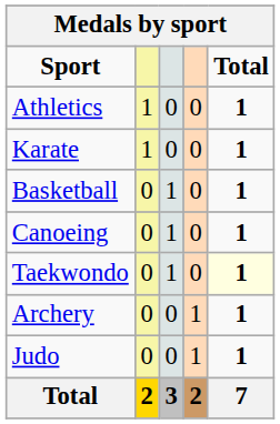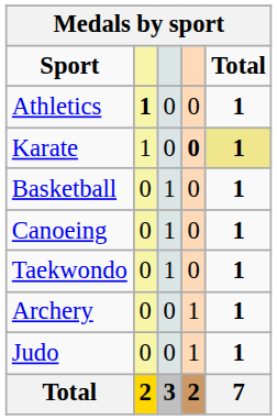 <table class="wikitable" style="text-align:center;font-size:85%;float:right;clear:right;">
 <tr style="background:#efefef;">
 <th colspan=5><strong>Medals by sport</strong></th>
 </tr>
 <tr>
 <td><strong>Sport</strong></td>
 <td bgcolor=#f7f6a8></td>
 <td bgcolor=#dce5e5></td>
 <td bgcolor=#ffdab9></td>
 <td><strong>Total</strong></td>
 </tr>
 <tr>
 <td align=left><a href='#'>Athletics</a></td>
-<td style="background:#F7F6A8;">1</td>
+<td style="background:#F7F6A8;"><strong>1</strong></td>
 <td style="background:#DCE5E5;">0</td>
 <td style="background:#FFDAB9;">0</td>
 <td><strong>1</strong></td>
 </tr>
 <tr>
 <td align=left><a href='#'>Karate</a></td>
 <td style="background:#F7F6A8;">1</td>
 <td style="background:#DCE5E5;">0</td>
-<td style="background:#FFDAB9;">0</td>
-<td><strong>1</strong></td>
+<td style="background:#FFDAB9;"><strong>0</strong></td>
+<td style="background: khaki;"><strong>1</strong></td>
 </tr>
 <tr>
 <td align=left><a href='#'>Basketball</a></td>
 <td style="background:#F7F6A8;">0</td>
 <td style="background:#DCE5E5;">1</td>
 <td style="background:#FFDAB9;">0</td>
 <td><strong>1</strong></td>
 </tr>
 <tr>
 <td align=left><a href='#'>Canoeing</a></td>
 <td style="background:#F7F6A8;">0</td>
 <td style="background:#DCE5E5;">1</td>
 <td style="background:#FFDAB9;">0</td>
 <td><strong>1</strong></td>
 </tr>
 <tr>
 <td align=left><a href='#'>Taekwondo</a></td>
 <td style="background:#F7F6A8;">0</td>
 <td style="background:#DCE5E5;">1</td>
 <td style="background:#FFDAB9;">0</td>
-<td style="background: lightyellow;"><strong>1</strong></td>
+<td><strong>1</strong></td>
 </tr>
 <tr>
 <td align=left><a href='#'>Archery</a></td>
 <td style="background:#F7F6A8;">0</td>
 <td style="background:#DCE5E5;">0</td>
 <td style="background:#FFDAB9;">1</td>
 <td><strong>1</strong></td>
 </tr>
 <tr>
 <td align=left><a href='#'>Judo</a></td>
 <td style="background:#F7F6A8;">0</td>
 <td style="background:#DCE5E5;">0</td>
 <td style="background:#FFDAB9;">1</td>
 <td><strong>1</strong></td>
 </tr>
 <tr>
 <th><strong>Total</strong></th>
 <th style="background:gold;"><strong>2</strong></th>
 <th style="background:silver;"><strong>3</strong></th>
 <th style="background:#c96;"><strong>2</strong></th>
 <th><strong>7</strong></th>
 </tr>
 </table>
